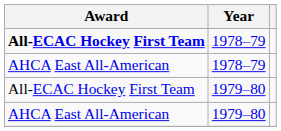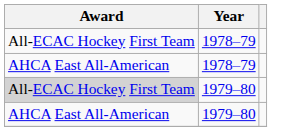 <table class="wikitable">
 <tr>
 <th>Award</th>
 <th>Year</th>
 <th></th>
 </tr>
 <tr>
-<td><strong>All-<a href='#'>ECAC Hockey</a> <a href='#'>First Team</a></strong></td>
+<td>All-<a href='#'>ECAC Hockey</a> <a href='#'>First Team</a></td>
 <td><a href='#'>1978–79</a></td>
 <td></td>
 </tr>
 <tr>
 <td><a href='#'>AHCA</a> <a href='#'>East All-American</a></td>
 <td><a href='#'>1978–79</a></td>
 <td></td>
 </tr>
 <tr>
-<td>All-<a href='#'>ECAC Hockey</a> <a href='#'>First Team</a></td>
+<td style="background: lightgrey;">All-<a href='#'>ECAC Hockey</a> <a href='#'>First Team</a></td>
 <td><a href='#'>1979–80</a></td>
 <td></td>
 </tr>
 <tr>
 <td><a href='#'>AHCA</a> <a href='#'>East All-American</a></td>
 <td><a href='#'>1979–80</a></td>
 <td></td>
 </tr>
 <tr>
 </tr>
 </table>
